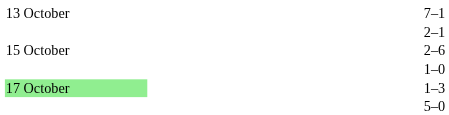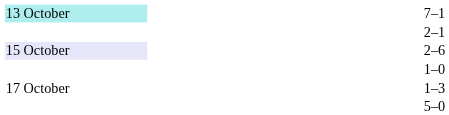 <table cellspacing=1 width=85%>
 <tr>
 <th width=15%></th>
 <th width=25%></th>
 <th width=10%></th>
 <th width=25%></th>
 <th width=25%></th>
 </tr>
 <tr>
-<td>13 October</td>
+<td style="background: paleturquoise;">13 October</td>
 <td align=right></td>
 <td align=center>7–1</td>
 <td></td>
 </tr>
 <tr>
 <td></td>
 <td align=right></td>
 <td align=center>2–1</td>
 <td></td>
 </tr>
 <tr>
-<td>15 October</td>
+<td style="background: lavender;">15 October</td>
 <td align=right></td>
 <td align=center>2–6</td>
 <td></td>
 </tr>
 <tr>
 <td></td>
 <td align=right></td>
 <td align=center>1–0</td>
 <td></td>
 </tr>
 <tr>
-<td style="background: lightgreen;">17 October</td>
+<td>17 October</td>
 <td align=right></td>
 <td align=center>1–3</td>
 <td></td>
 </tr>
 <tr>
 <td></td>
 <td align=right></td>
 <td align=center>5–0</td>
 <td></td>
 </tr>
 </table>
